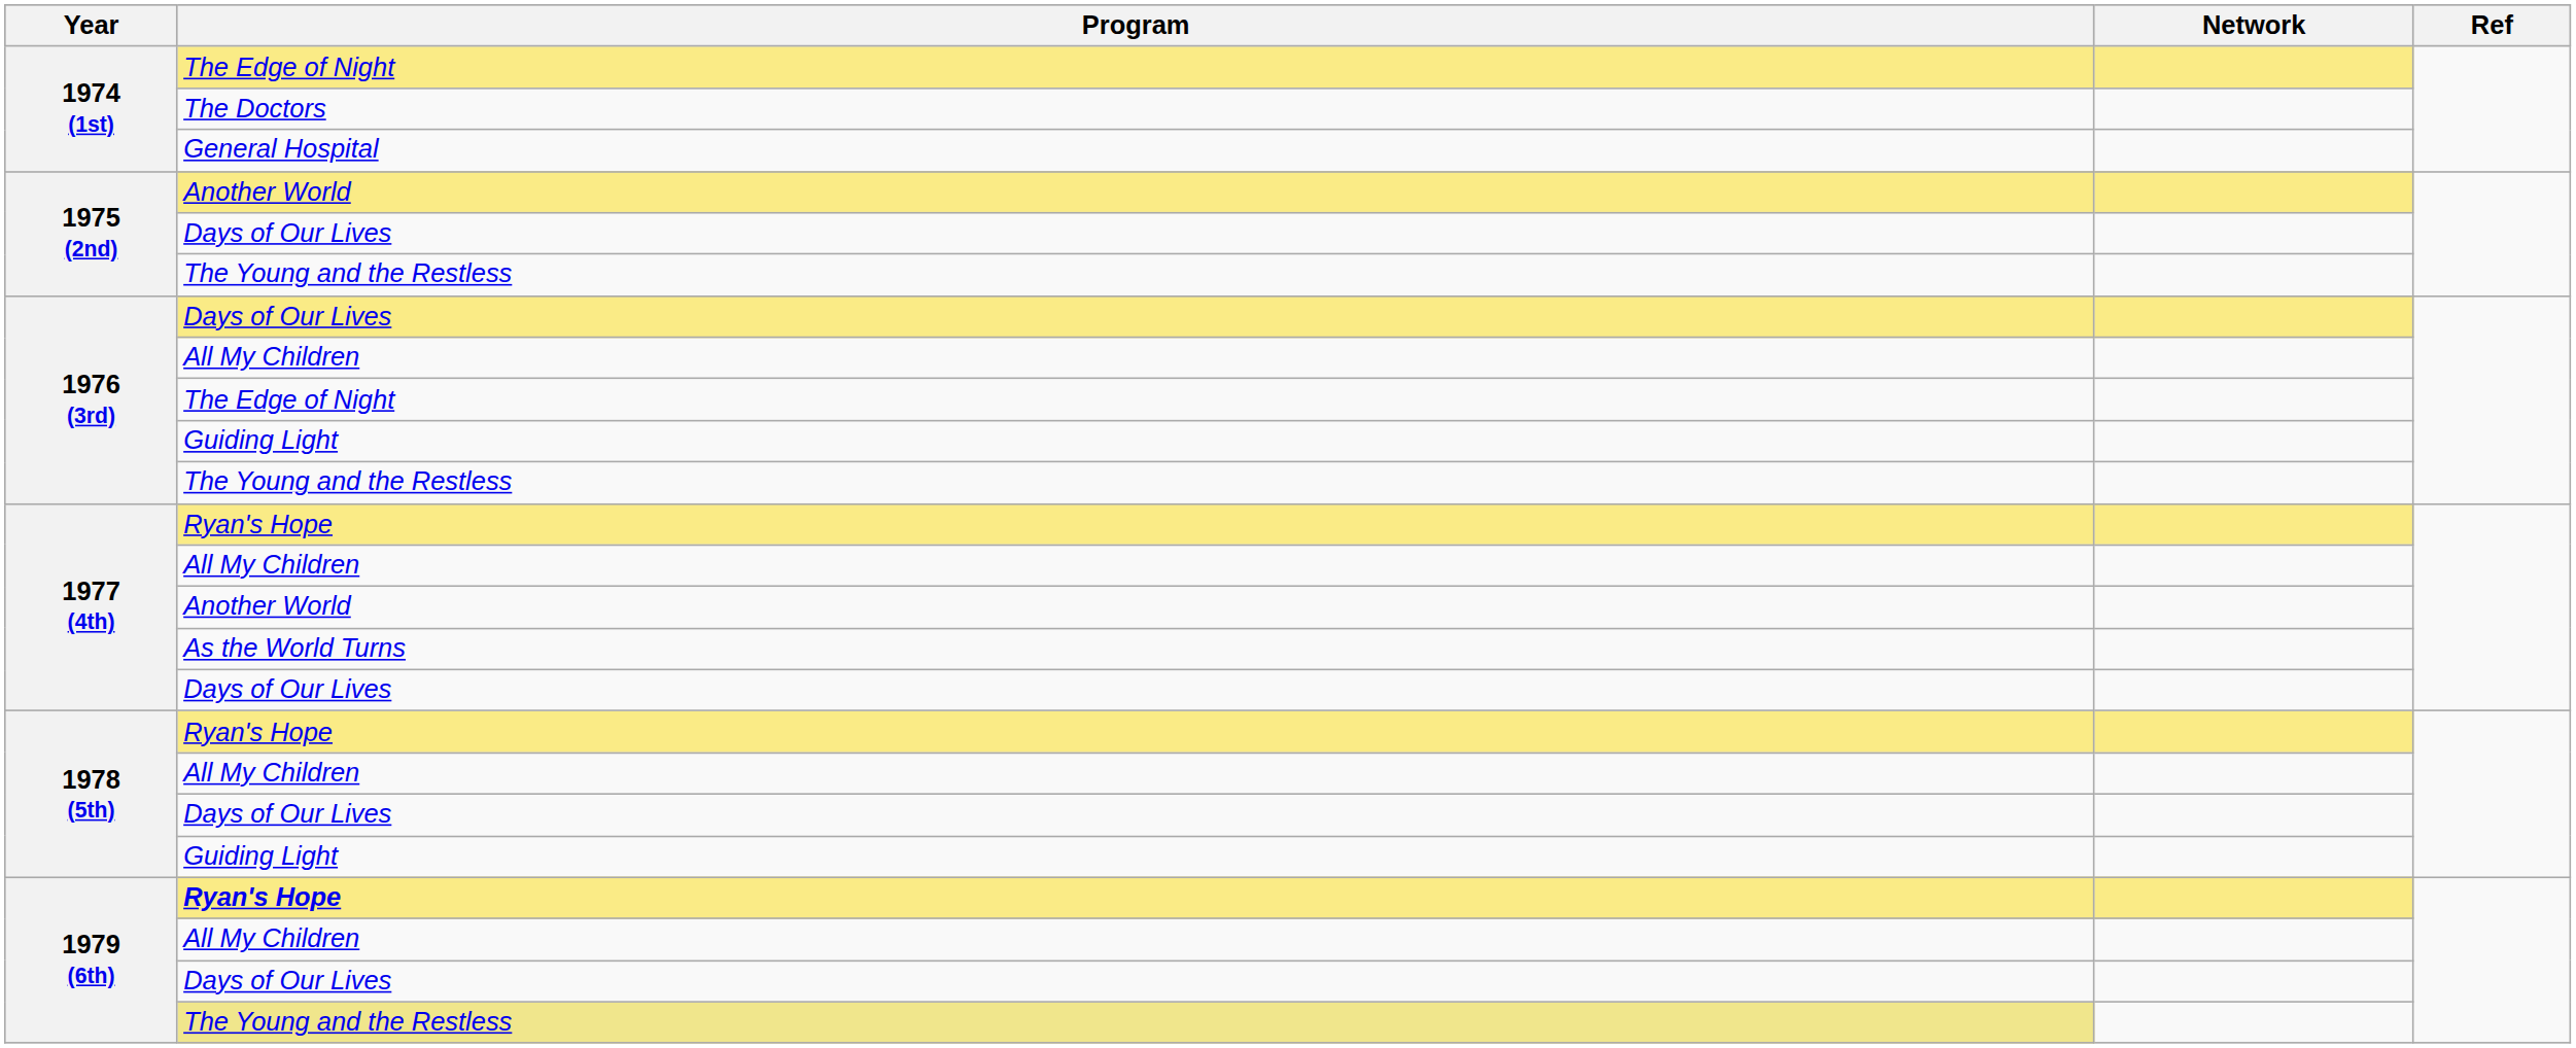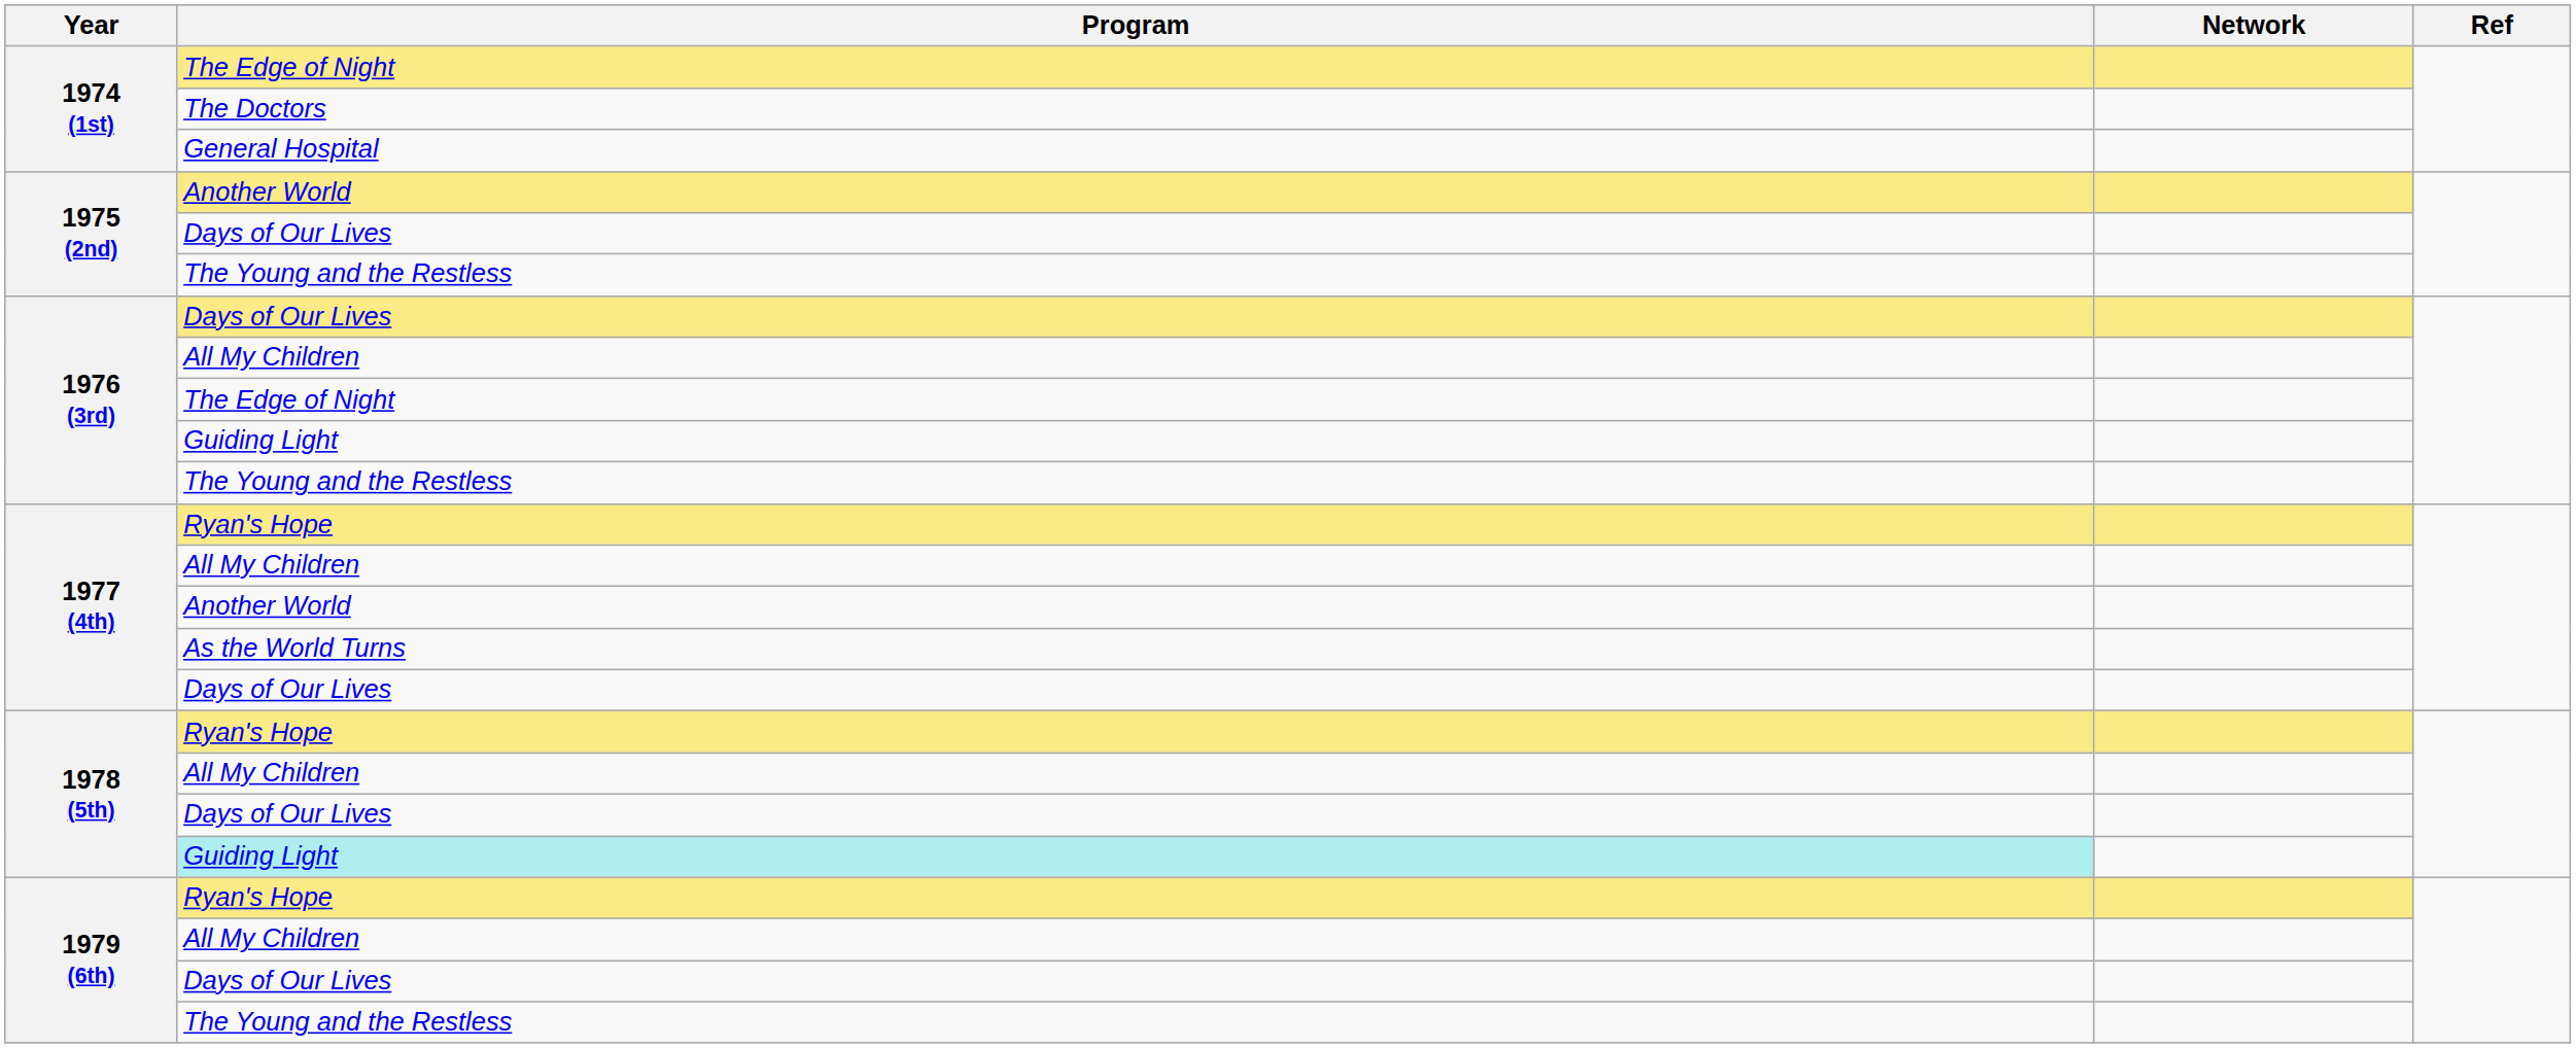 <table class="wikitable sortable">
 <tr style="background:#bebebe;">
 <th style="width:1%;" scope="col">Year</th>
 <th style="width:15%;" scope="col">Program</th>
 <th style="width:2%;" scope="col">Network</th>
 <th style="width:1%;" scope="col" class="unsortable">Ref</th>
 </tr>
 <tr>
 <th scope="row" rowspan=3 style="text-align:center">1974 <br><small><a href='#'>(1st)</a></small></th>
 <td style="background:#FAEB86"><em><a href='#'>The Edge of Night</a></em></td>
 <td style="background:#FAEB86"></td>
 <td rowspan=3 style="text-align:center;"></td>
 </tr>
 <tr>
 <td><em><a href='#'>The Doctors</a></em></td>
 <td></td>
 </tr>
 <tr>
 <td><em><a href='#'>General Hospital</a></em></td>
 <td></td>
 </tr>
 <tr>
 <th scope="row"  rowspan=3 style="text-align:center">1975 <br><small><a href='#'>(2nd)</a></small></th>
 <td style="background:#FAEB86"><em><a href='#'>Another World</a></em></td>
 <td style="background:#FAEB86"></td>
 <td rowspan=3></td>
 </tr>
 <tr>
 <td><em><a href='#'>Days of Our Lives</a></em></td>
 <td></td>
 </tr>
 <tr>
 <td><em><a href='#'>The Young and the Restless</a></em></td>
 <td></td>
 </tr>
 <tr>
 <th scope="row"  rowspan=5 style="text-align:center">1976 <br><small><a href='#'>(3rd)</a></small></th>
 <td style="background:#FAEB86"><em><a href='#'>Days of Our Lives</a></em></td>
 <td style="background:#FAEB86"></td>
 <td rowspan=5></td>
 </tr>
 <tr>
 <td><em><a href='#'>All My Children</a></em></td>
 <td></td>
 </tr>
 <tr>
 <td><em><a href='#'>The Edge of Night</a></em></td>
 <td></td>
 </tr>
 <tr>
 <td><em><a href='#'>Guiding Light</a></em></td>
 <td></td>
 </tr>
 <tr>
 <td><em><a href='#'>The Young and the Restless</a></em></td>
 <td></td>
 </tr>
 <tr>
 <th scope="row"  rowspan=5 style="text-align:center">1977 <br><small><a href='#'>(4th)</a></small></th>
 <td style="background:#FAEB86"><em><a href='#'>Ryan's Hope</a></em></td>
 <td style="background:#FAEB86"></td>
 <td rowspan=5></td>
 </tr>
 <tr>
 <td><em><a href='#'>All My Children</a></em></td>
 <td></td>
 </tr>
 <tr>
 <td><em><a href='#'>Another World</a></em></td>
 <td></td>
 </tr>
 <tr>
 <td><em><a href='#'>As the World Turns</a></em></td>
 <td></td>
 </tr>
 <tr>
 <td><em><a href='#'>Days of Our Lives</a></em></td>
 <td></td>
 </tr>
 <tr>
 <th scope="row"  rowspan=4 style="text-align:center">1978 <br><small><a href='#'>(5th)</a></small></th>
 <td style="background:#FAEB86"><em><a href='#'>Ryan's Hope</a></em></td>
 <td style="background:#FAEB86"></td>
 <td rowspan=4></td>
 </tr>
 <tr>
 <td><em><a href='#'>All My Children</a></em></td>
 <td></td>
 </tr>
 <tr>
 <td><em><a href='#'>Days of Our Lives</a></em></td>
 <td></td>
 </tr>
 <tr>
-<td><em><a href='#'>Guiding Light</a></em></td>
+<td style="background: paleturquoise;"><em><a href='#'>Guiding Light</a></em></td>
 <td></td>
 </tr>
 <tr>
 <th scope="row"  rowspan=4 style="text-align:center">1979 <br><small><a href='#'>(6th)</a></small></th>
-<td style="background:#FAEB86"><strong><em><a href='#'>Ryan's Hope</a></em></strong></td>
+<td style="background:#FAEB86"><em><a href='#'>Ryan's Hope</a></em></td>
 <td style="background:#FAEB86"></td>
 <td rowspan=4></td>
 </tr>
 <tr>
 <td><em><a href='#'>All My Children</a></em></td>
 <td></td>
 </tr>
 <tr>
 <td><em><a href='#'>Days of Our Lives</a></em></td>
 <td></td>
 </tr>
 <tr>
-<td style="background: khaki;"><em><a href='#'>The Young and the Restless</a></em></td>
+<td><em><a href='#'>The Young and the Restless</a></em></td>
 <td></td>
 </tr>
 </table>
